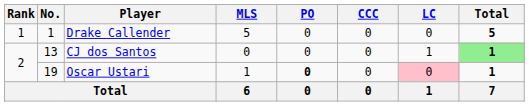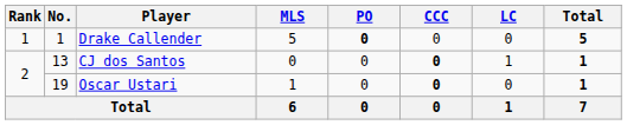 <table class="wikitable sortable nowrap" style="text-align:center; font-size:96%;">
 <tr>
 <th>Rank</th>
 <th>No.</th>
 <th width=160>Player</th>
 <th width=60><a href='#'>MLS</a></th>
 <th width=60><a href='#'>PO</a></th>
 <th width=60><a href='#'>CCC</a></th>
 <th width=60><a href='#'>LC</a></th>
 <th width=65>Total</th>
 </tr>
 <tr>
 <td>1</td>
 <td>1</td>
 <td style="text-align:left"> <a href='#'>Drake Callender</a></td>
 <td>5</td>
-<td>0</td>
+<td><strong>0</strong></td>
 <td>0</td>
 <td>0</td>
 <td><strong>5</strong></td>
 </tr>
 <tr>
 <td rowspan="2">2</td>
 <td>13</td>
 <td style="text-align:left"> <a href='#'>CJ dos Santos</a></td>
 <td>0</td>
 <td>0</td>
-<td>0</td>
+<td><strong>0</strong></td>
 <td>1</td>
-<td style="background: lightgreen;"><strong>1</strong></td>
+<td><strong>1</strong></td>
 </tr>
 <tr>
 <td>19</td>
 <td style="text-align:left"> <a href='#'>Oscar Ustari</a></td>
 <td>1</td>
+<td>0</td>
 <td><strong>0</strong></td>
 <td>0</td>
-<td style="background: pink;">0</td>
 <td><strong>1</strong></td>
 </tr>
 <tr>
 <th colspan="3">Total</th>
 <th>6</th>
 <th>0</th>
 <th>0</th>
 <th>1</th>
 <th>7</th>
 </tr>
 </table>
